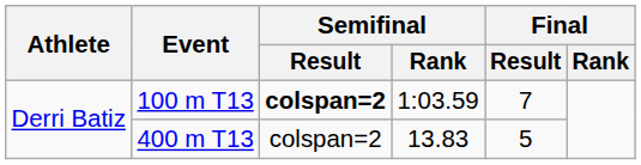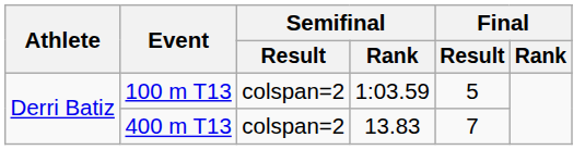 <table class="wikitable" style="font-size:90%">
 <tr>
 <th rowspan="2">Athlete</th>
 <th rowspan="2">Event</th>
 <th colspan="2">Semifinal</th>
 <th colspan="2">Final</th>
 </tr>
 <tr style="font-size:95%">
 <th>Result</th>
 <th>Rank</th>
 <th>Result</th>
 <th>Rank</th>
 </tr>
 <tr align=center>
 <td align=left rowspan=2><a href='#'>Derri Batiz</a></td>
 <td align=left><a href='#'>100 m T13</a></td>
-<td><strong>colspan=2 </strong></td>
+<td>colspan=2 </td>
 <td>1:03.59</td>
-<td>7</td>
+<td>5</td>
 </tr>
 <tr align=center>
 <td align=left><a href='#'>400 m T13</a></td>
 <td>colspan=2 </td>
 <td>13.83</td>
-<td>5</td>
+<td>7</td>
 </tr>
 </table>
